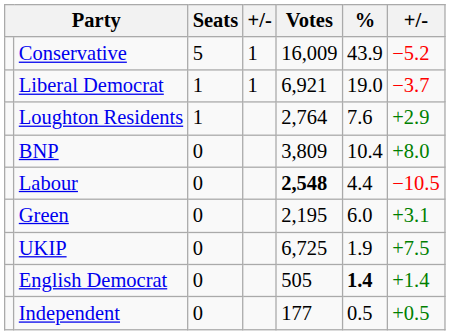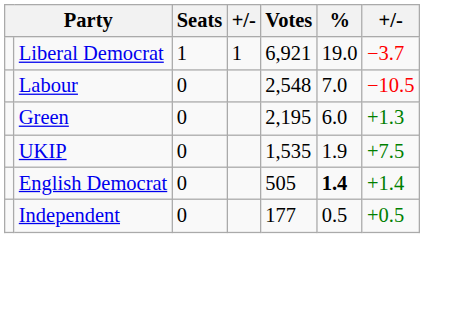 <table class="wikitable">
 <tr>
 <th colspan="2">Party</th>
 <th>Seats</th>
 <th>+/-</th>
 <th>Votes</th>
 <th>%</th>
 <th>+/-</th>
-</tr>
-<tr>
-<td style="background-color: "></td>
-<td><a href='#'>Conservative</a></td>
-<td>5</td>
-<td> 1</td>
-<td>16,009</td>
-<td>43.9</td>
-<td style="color:red">−5.2</td>
 </tr>
 <tr>
 <td style="background-color: "></td>
 <td><a href='#'>Liberal Democrat</a></td>
 <td>1</td>
 <td> 1</td>
 <td>6,921</td>
 <td>19.0</td>
 <td style="color:red">−3.7</td>
 </tr>
 <tr>
 <td style="background-color: "></td>
-<td><a href='#'>Loughton Residents</a></td>
-<td>1</td>
-<td></td>
-<td>2,764</td>
-<td>7.6</td>
-<td style="color:green">+2.9</td>
-</tr>
-<tr>
-<td style="background-color: "></td>
-<td><a href='#'>BNP</a></td>
-<td>0</td>
-<td></td>
-<td>3,809</td>
-<td>10.4</td>
-<td style="color:green">+8.0</td>
-</tr>
-<tr>
-<td style="background-color: "></td>
 <td><a href='#'>Labour</a></td>
 <td>0</td>
 <td></td>
-<td><strong>2,548</strong></td>
-<td>4.4</td>
+<td>2,548</td>
+<td>7.0</td>
 <td style="color:red">−10.5</td>
 </tr>
 <tr>
 <td style="background-color: "></td>
 <td><a href='#'>Green</a></td>
 <td>0</td>
 <td></td>
 <td>2,195</td>
 <td>6.0</td>
-<td style="color:green">+3.1</td>
+<td style="color:green">+1.3</td>
 </tr>
 <tr>
 <td style="background-color: "></td>
 <td><a href='#'>UKIP</a></td>
 <td>0</td>
 <td></td>
-<td>6,725</td>
+<td>1,535</td>
 <td>1.9</td>
 <td style="color:green">+7.5</td>
 </tr>
 <tr>
 <td style="background-color: "></td>
 <td><a href='#'>English Democrat</a></td>
 <td>0</td>
 <td></td>
 <td>505</td>
 <td><strong>1.4</strong></td>
 <td style="color:green">+1.4</td>
 </tr>
 <tr>
 <td style="background-color: "></td>
 <td><a href='#'>Independent</a></td>
 <td>0</td>
 <td></td>
 <td>177</td>
 <td>0.5</td>
 <td style="color:green">+0.5</td>
 </tr>
 </table>
